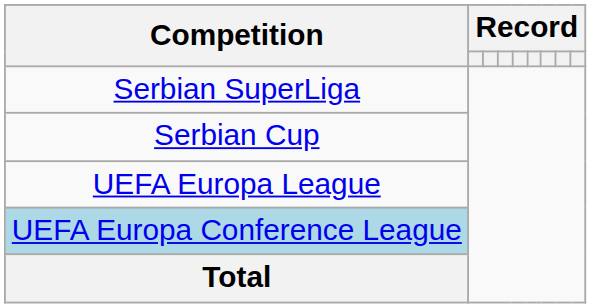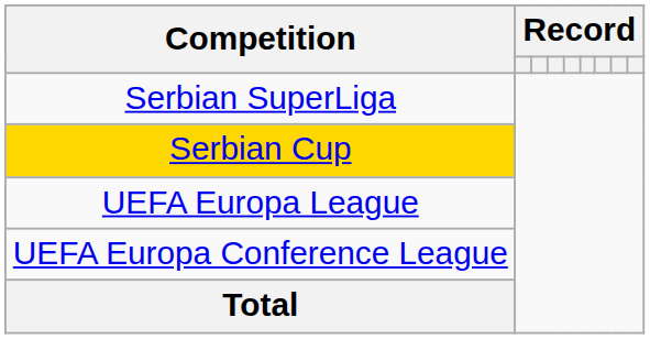 <table class="wikitable" style="text-align: center">
 <tr>
 <th rowspan=2>Competition</th>
 <th colspan=8>Record</th>
 </tr>
 <tr>
 <th></th>
 <th></th>
 <th></th>
 <th></th>
 <th></th>
 <th></th>
 <th></th>
 <th></th>
 </tr>
 <tr>
 <td><a href='#'>Serbian SuperLiga</a><br></td>
 </tr>
 <tr>
-<td><a href='#'>Serbian Cup</a><br></td>
+<td style="background: gold;"><a href='#'>Serbian Cup</a><br></td>
 </tr>
 <tr>
 <td><a href='#'>UEFA Europa League</a><br></td>
 </tr>
 <tr>
-<td style="background: lightblue;"><a href='#'>UEFA Europa Conference League</a><br></td>
+<td><a href='#'>UEFA Europa Conference League</a><br></td>
 </tr>
 <tr>
 <th>Total<br></th>
 </tr>
 </table>
